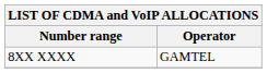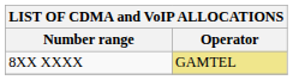 <table class="wikitable" border=1>
 <tr>
 <th colspan="2">LIST OF CDMA and VoIP ALLOCATIONS</th>
 </tr>
 <tr>
 <th>Number range</th>
 <th>Operator</th>
 </tr>
 <tr>
 <td>8XX XXXX</td>
-<td>GAMTEL</td>
+<td style="background: khaki;">GAMTEL</td>
 </tr>
 <tr>
 </tr>
 </table>
